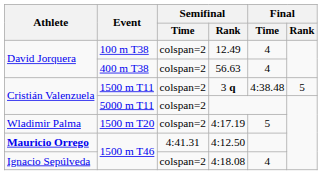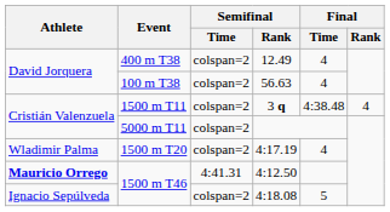 <table class="wikitable" style="font-size:90%">
 <tr>
 <th rowspan="2">Athlete</th>
 <th rowspan="2">Event</th>
 <th colspan="2">Semifinal</th>
 <th colspan="2">Final</th>
 </tr>
 <tr style="font-size:95%">
 <th>Time</th>
 <th>Rank</th>
 <th>Time</th>
 <th>Rank</th>
 </tr>
 <tr align=center>
 <td align=left rowspan=2><a href='#'>David Jorquera</a></td>
-<td align=left><a href='#'>100 m T38</a></td>
+<td align=left><a href='#'>400 m T38</a></td>
 <td>colspan=2 </td>
 <td>12.49</td>
 <td>4</td>
 </tr>
 <tr align=center>
-<td align=left><a href='#'>400 m T38</a></td>
+<td align=left><a href='#'>100 m T38</a></td>
 <td>colspan=2 </td>
 <td>56.63</td>
 <td>4</td>
 </tr>
 <tr align=center>
 <td align=left rowspan=2><a href='#'>Cristián Valenzuela</a></td>
 <td align=left><a href='#'>1500 m T11</a></td>
 <td>colspan=2 </td>
 <td>3 <strong>q</strong></td>
 <td>4:38.48</td>
-<td>5</td>
+<td>4</td>
 </tr>
 <tr align=center>
 <td align=left><a href='#'>5000 m T11</a></td>
 <td>colspan=2 </td>
 <td colspan=2></td>
 </tr>
 <tr align=center>
 <td align=left><a href='#'>Wladimir Palma</a></td>
 <td align=left><a href='#'>1500 m T20</a></td>
 <td>colspan=2 </td>
 <td>4:17.19</td>
-<td>5</td>
+<td>4</td>
 </tr>
 <tr align=center>
 <td align=left><strong><a href='#'>Mauricio Orrego</a></strong></td>
 <td align=left rowspan=2><a href='#'>1500 m T46</a></td>
 <td>4:41.31</td>
 <td>4:12.50</td>
 <td></td>
 </tr>
 <tr align=center>
 <td align=left><a href='#'>Ignacio Sepúlveda</a></td>
 <td>colspan=2 </td>
 <td>4:18.08</td>
-<td>4</td>
+<td>5</td>
 </tr>
 </table>
